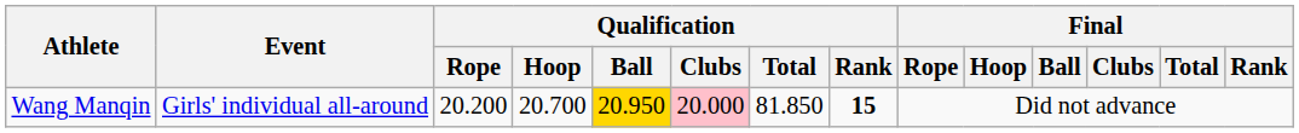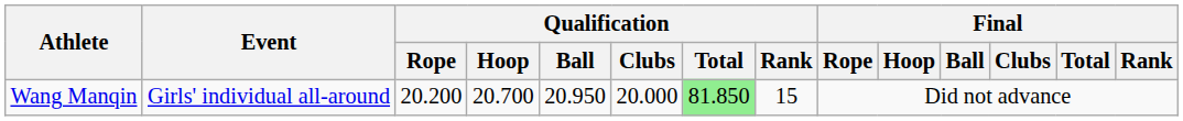 <table class="wikitable" border="1" style="font-size:90%">
 <tr>
 <th rowspan=2>Athlete</th>
 <th rowspan=2>Event</th>
 <th colspan=6>Qualification</th>
 <th colspan=6>Final</th>
 </tr>
 <tr>
 <th>Rope</th>
 <th>Hoop</th>
 <th>Ball</th>
 <th>Clubs</th>
 <th>Total</th>
 <th>Rank</th>
 <th>Rope</th>
 <th>Hoop</th>
 <th>Ball</th>
 <th>Clubs</th>
 <th>Total</th>
 <th>Rank</th>
 </tr>
 <tr>
 <td><a href='#'>Wang Manqin</a></td>
 <td><a href='#'>Girls' individual all-around</a></td>
 <td align=center>20.200</td>
 <td align=center>20.700</td>
-<td align=center style="background: gold;">20.950</td>
-<td align=center style="background: pink;">20.000</td>
-<td align=center>81.850</td>
-<td align=center><strong>15</strong></td>
+<td align=center>20.950</td>
+<td align=center>20.000</td>
+<td align=center style="background: lightgreen;">81.850</td>
+<td align=center>15</td>
 <td align=center colspan=6>Did not advance</td>
 </tr>
 </table>
